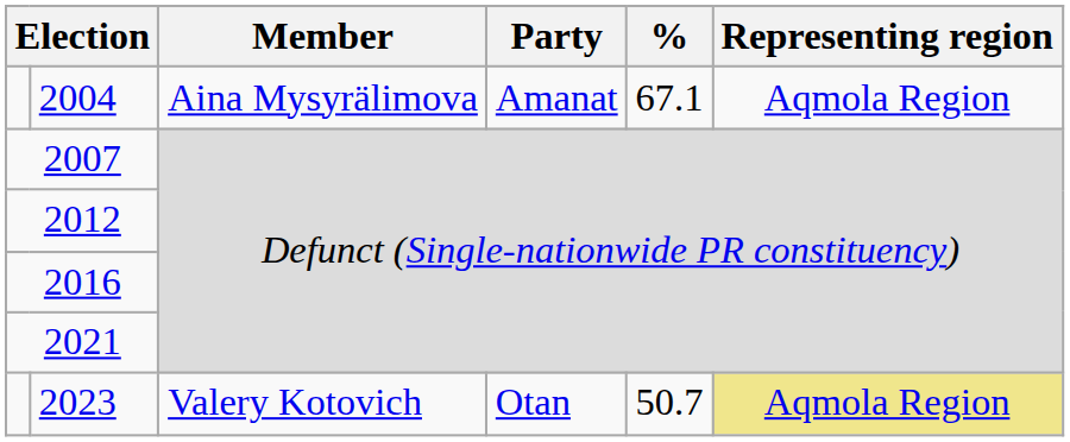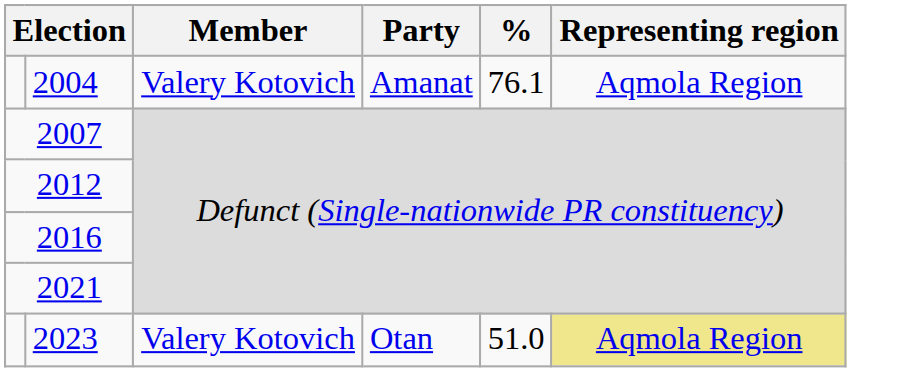 <table class="wikitable">
 <tr>
 <th colspan="2">Election</th>
 <th>Member</th>
 <th>Party</th>
 <th>%</th>
 <th>Representing region</th>
 </tr>
 <tr>
 <td style="background-color: "></td>
 <td><a href='#'>2004</a></td>
-<td><a href='#'>Aina Mysyrälimova</a></td>
+<td><a href='#'>Valery Kotovich</a></td>
 <td><a href='#'>Amanat</a></td>
-<td align="right">67.1</td>
+<td align="right">76.1</td>
 <td align="center"><a href='#'>Aqmola Region</a></td>
 </tr>
 <tr>
 <td colspan="2" align="center"><a href='#'>2007</a></td>
 <td colspan="4" rowspan="4" align="center" style="background-color:#DCDCDC"><em>Defunct (<a href='#'>Single-nationwide PR constituency</a>)</em></td>
 </tr>
 <tr>
 <td colspan="2" align="center"><a href='#'>2012</a></td>
 </tr>
 <tr>
 <td colspan="2" align="center"><a href='#'>2016</a></td>
 </tr>
 <tr>
 <td colspan="2" align="center"><a href='#'>2021</a></td>
 </tr>
 <tr>
 <td style="background-color: "></td>
 <td><a href='#'>2023</a></td>
 <td><a href='#'>Valery Kotovich</a></td>
 <td><a href='#'>Otan</a></td>
-<td align="right">50.7</td>
+<td align="right">51.0</td>
 <td align="center" style="background: khaki;"><a href='#'>Aqmola Region</a></td>
 </tr>
 </table>
